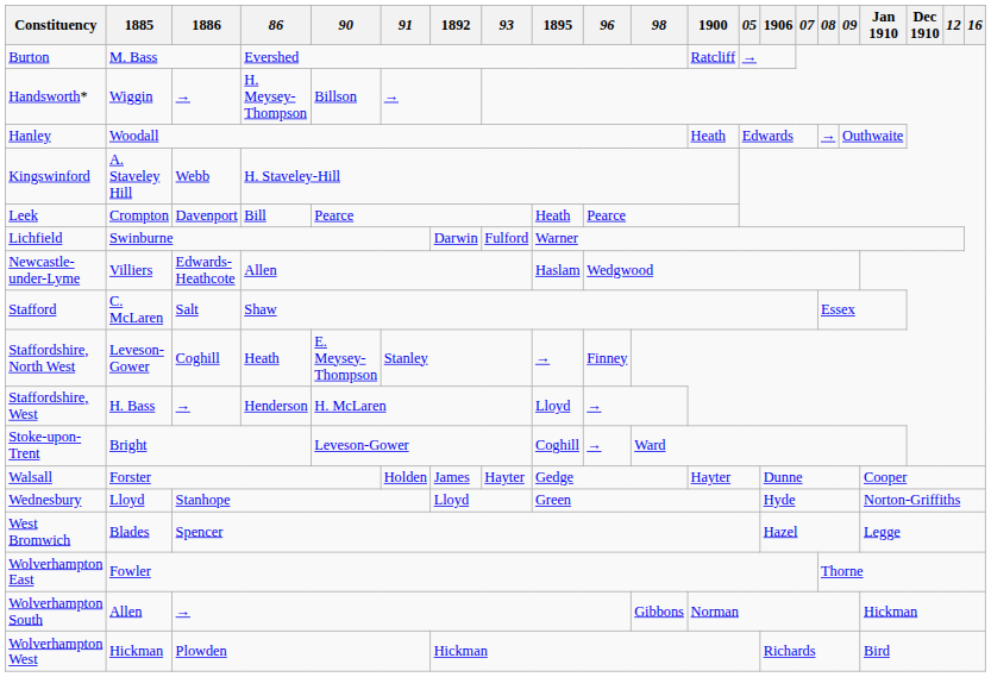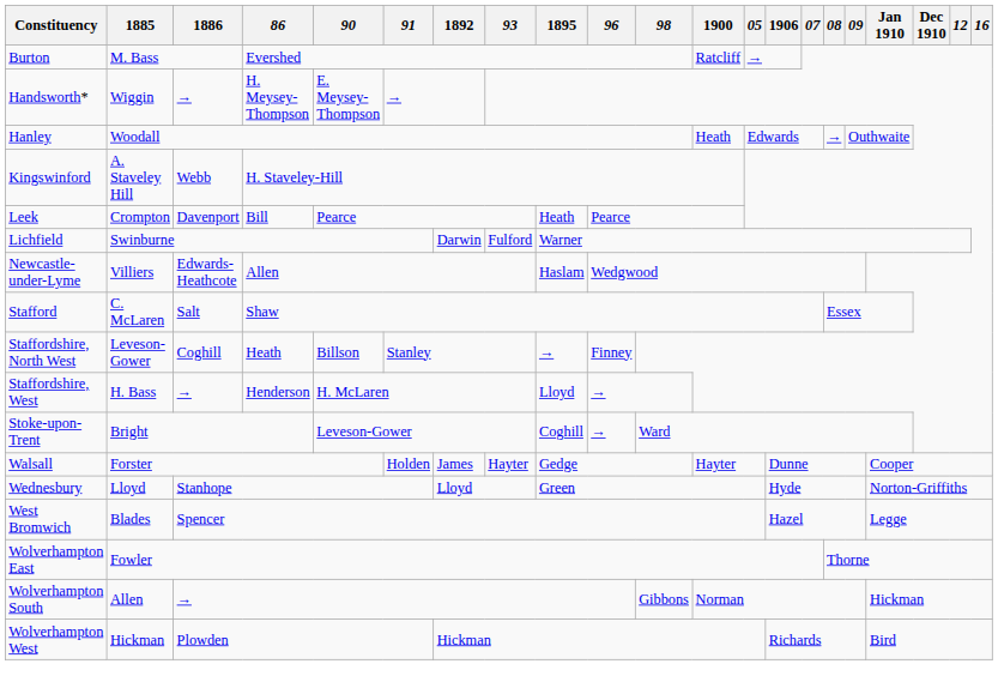 <table class="wikitable">
 <tr>
 <th>Constituency</th>
 <th>1885</th>
 <th>1886</th>
 <th><em>86</em></th>
 <th><em>90</em></th>
 <th><em>91</em></th>
 <th>1892</th>
 <th><em>93</em></th>
 <th>1895</th>
 <th><em>96</em></th>
 <th><em>98</em></th>
 <th>1900</th>
 <th><em>05</em></th>
 <th>1906</th>
 <th><em>07</em></th>
 <th><em>08</em></th>
 <th><em>09</em></th>
 <th>Jan 1910</th>
 <th>Dec 1910</th>
 <th><em>12</em></th>
 <th><em>16</em></th>
 </tr>
 <tr>
 <td><a href='#'>Burton</a></td>
 <td colspan="2"><a href='#'>M. Bass</a></td>
 <td colspan="8"><a href='#'>Evershed</a></td>
 <td><a href='#'>Ratcliff</a></td>
 <td colspan="2"><a href='#'>→</a></td>
 </tr>
 <tr>
 <td><a href='#'>Handsworth</a>*</td>
 <td bgcolor=><a href='#'>Wiggin</a></td>
 <td><a href='#'>→</a></td>
 <td><a href='#'>H. Meysey-Thompson</a></td>
-<td><a href='#'>Billson</a></td>
+<td><a href='#'>E. Meysey-Thompson</a></td>
 <td colspan="2"><a href='#'>→</a></td>
 </tr>
 <tr>
 <td><a href='#'>Hanley</a></td>
 <td colspan="10"><a href='#'>Woodall</a></td>
 <td><a href='#'>Heath</a></td>
 <td colspan="3"><a href='#'>Edwards</a></td>
 <td><a href='#'>→</a></td>
 <td colspan="2"><a href='#'>Outhwaite</a></td>
 </tr>
 <tr>
 <td><a href='#'>Kingswinford</a></td>
 <td><a href='#'>A. Staveley Hill</a></td>
 <td><a href='#'>Webb</a></td>
 <td colspan="9"><a href='#'>H. Staveley-Hill</a></td>
 </tr>
 <tr>
 <td><a href='#'>Leek</a></td>
 <td bgcolor=><a href='#'>Crompton</a></td>
 <td><a href='#'>Davenport</a></td>
 <td><a href='#'>Bill</a></td>
 <td colspan="4"><a href='#'>Pearce</a></td>
 <td><a href='#'>Heath</a></td>
 <td colspan="3"><a href='#'>Pearce</a></td>
 </tr>
 <tr>
 <td><a href='#'>Lichfield</a></td>
 <td colspan="5"><a href='#'>Swinburne</a></td>
 <td><a href='#'>Darwin</a></td>
 <td><a href='#'>Fulford</a></td>
 <td colspan="12"><a href='#'>Warner</a></td>
 </tr>
 <tr>
 <td><a href='#'>Newcastle-under-Lyme</a></td>
 <td><a href='#'>Villiers</a></td>
 <td><a href='#'>Edwards-Heathcote</a></td>
 <td colspan="5"><a href='#'>Allen</a></td>
 <td><a href='#'>Haslam</a></td>
 <td colspan="8"><a href='#'>Wedgwood</a></td>
 </tr>
 <tr>
 <td><a href='#'>Stafford</a></td>
 <td bgcolor=><a href='#'>C. McLaren</a></td>
 <td><a href='#'>Salt</a></td>
 <td colspan="12"><a href='#'>Shaw</a></td>
 <td colspan="3"><a href='#'>Essex</a></td>
 </tr>
 <tr>
 <td><a href='#'>Staffordshire, North West</a></td>
 <td bgcolor=><a href='#'>Leveson-Gower</a></td>
 <td><a href='#'>Coghill</a></td>
 <td><a href='#'>Heath</a></td>
-<td><a href='#'>E. Meysey-Thompson</a></td>
+<td><a href='#'>Billson</a></td>
 <td colspan="3"><a href='#'>Stanley</a></td>
 <td><a href='#'>→</a></td>
 <td><a href='#'>Finney</a></td>
 </tr>
 <tr>
 <td><a href='#'>Staffordshire, West</a></td>
 <td bgcolor=><a href='#'>H. Bass</a></td>
 <td><a href='#'>→</a></td>
 <td><a href='#'>Henderson</a></td>
 <td colspan="4"><a href='#'>H. McLaren</a></td>
 <td><a href='#'>Lloyd</a></td>
 <td colspan="2"><a href='#'>→</a></td>
 </tr>
 <tr>
 <td><a href='#'>Stoke-upon-Trent</a></td>
 <td colspan="3"><a href='#'>Bright</a></td>
 <td colspan="4"><a href='#'>Leveson-Gower</a></td>
 <td><a href='#'>Coghill</a></td>
 <td><a href='#'>→</a></td>
 <td colspan="8"><a href='#'>Ward</a></td>
 </tr>
 <tr>
 <td><a href='#'>Walsall</a></td>
 <td colspan="4"><a href='#'>Forster</a></td>
 <td><a href='#'>Holden</a></td>
 <td><a href='#'>James</a></td>
 <td><a href='#'>Hayter</a></td>
 <td colspan="3"><a href='#'>Gedge</a></td>
 <td colspan="2"><a href='#'>Hayter</a></td>
 <td colspan="4"><a href='#'>Dunne</a></td>
 <td colspan="4"><a href='#'>Cooper</a></td>
 </tr>
 <tr>
 <td><a href='#'>Wednesbury</a></td>
 <td><a href='#'>Lloyd</a></td>
 <td colspan="4"><a href='#'>Stanhope</a></td>
 <td colspan="2"><a href='#'>Lloyd</a></td>
 <td colspan="5"><a href='#'>Green</a></td>
 <td colspan="4"><a href='#'>Hyde</a></td>
 <td colspan="4"><a href='#'>Norton-Griffiths</a></td>
 </tr>
 <tr>
 <td><a href='#'>West Bromwich</a></td>
 <td><a href='#'>Blades</a></td>
 <td colspan="11"><a href='#'>Spencer</a></td>
 <td colspan="4"><a href='#'>Hazel</a></td>
 <td colspan="4"><a href='#'>Legge</a></td>
 </tr>
 <tr>
 <td><a href='#'>Wolverhampton East</a></td>
 <td colspan="14"><a href='#'>Fowler</a></td>
 <td colspan="6"><a href='#'>Thorne</a></td>
 </tr>
 <tr>
 <td><a href='#'>Wolverhampton South</a></td>
 <td bgcolor=><a href='#'>Allen</a></td>
 <td colspan="8"><a href='#'>→</a></td>
 <td><a href='#'>Gibbons</a></td>
 <td colspan="6"><a href='#'>Norman</a></td>
 <td colspan="4"><a href='#'>Hickman</a></td>
 </tr>
 <tr>
 <td><a href='#'>Wolverhampton West</a></td>
 <td><a href='#'>Hickman</a></td>
 <td colspan="4"><a href='#'>Plowden</a></td>
 <td colspan="7"><a href='#'>Hickman</a></td>
 <td colspan="4"><a href='#'>Richards</a></td>
 <td colspan="4"><a href='#'>Bird</a></td>
 </tr>
 </table>
